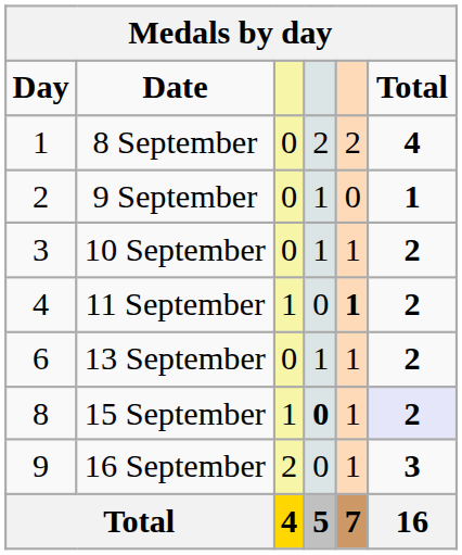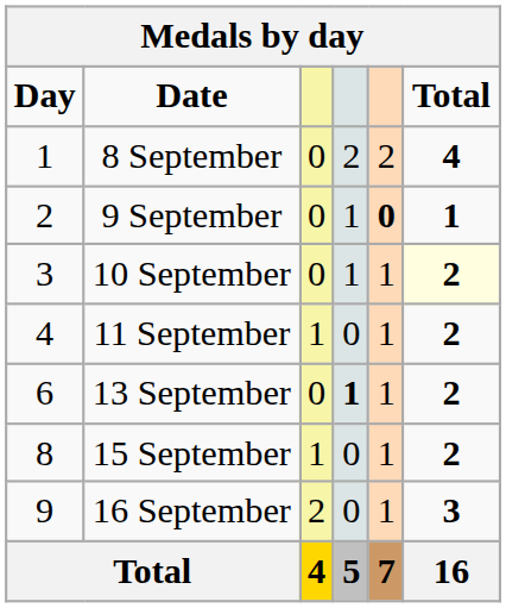 <table class="wikitable" style="font-size:90%; float:right">
 <tr align=center>
 <th colspan=7>Medals by day</th>
 </tr>
 <tr align=center>
 <td><strong>Day</strong></td>
 <td><strong>Date</strong></td>
 <td style="background:#f7f6a8;"></td>
 <td style="background:#dce5e5;"></td>
 <td style="background:#ffdab9;"></td>
 <td><strong>Total</strong></td>
 </tr>
 <tr align=center>
 <td>1</td>
 <td>8 September</td>
 <td style="background:#f7f6a8;">0</td>
 <td style="background:#dce5e5;">2</td>
 <td style="background:#ffdab9;">2</td>
 <td><strong>4</strong></td>
 </tr>
 <tr align=center>
 <td>2</td>
 <td>9 September</td>
 <td style="background:#f7f6a8;">0</td>
 <td style="background:#dce5e5;">1</td>
-<td style="background:#ffdab9;">0</td>
+<td style="background:#ffdab9;"><strong>0</strong></td>
 <td><strong>1</strong></td>
 </tr>
 <tr align=center>
 <td>3</td>
 <td>10 September</td>
 <td style="background:#f7f6a8;">0</td>
 <td style="background:#dce5e5;">1</td>
 <td style="background:#ffdab9;">1</td>
-<td><strong>2</strong></td>
+<td style="background: lightyellow;"><strong>2</strong></td>
 </tr>
 <tr align=center>
 <td>4</td>
 <td>11 September</td>
 <td style="background:#f7f6a8;">1</td>
 <td style="background:#dce5e5;">0</td>
-<td style="background:#ffdab9;"><strong>1</strong></td>
+<td style="background:#ffdab9;">1</td>
 <td><strong>2</strong></td>
 </tr>
 <tr align=center>
 <td>6</td>
 <td>13 September</td>
 <td style="background:#f7f6a8;">0</td>
-<td style="background:#dce5e5;">1</td>
+<td style="background:#dce5e5;"><strong>1</strong></td>
 <td style="background:#ffdab9;">1</td>
 <td><strong>2</strong></td>
 </tr>
 <tr align=center>
 <td>8</td>
 <td>15 September</td>
 <td style="background:#f7f6a8;">1</td>
-<td style="background:#dce5e5;"><strong>0</strong></td>
+<td style="background:#dce5e5;">0</td>
 <td style="background:#ffdab9;">1</td>
-<td style="background: lavender;"><strong>2</strong></td>
+<td><strong>2</strong></td>
 </tr>
 <tr align=center>
 <td>9</td>
 <td>16 September</td>
 <td style="background:#f7f6a8;">2</td>
 <td style="background:#dce5e5;">0</td>
 <td style="background:#ffdab9;">1</td>
 <td><strong>3</strong></td>
 </tr>
 <tr style="text-align:center">
 <th colspan=2>Total</th>
 <th style="background:gold">4</th>
 <th style="background:silver">5</th>
 <th style="background:#c96">7</th>
 <th>16</th>
 </tr>
 </table>
